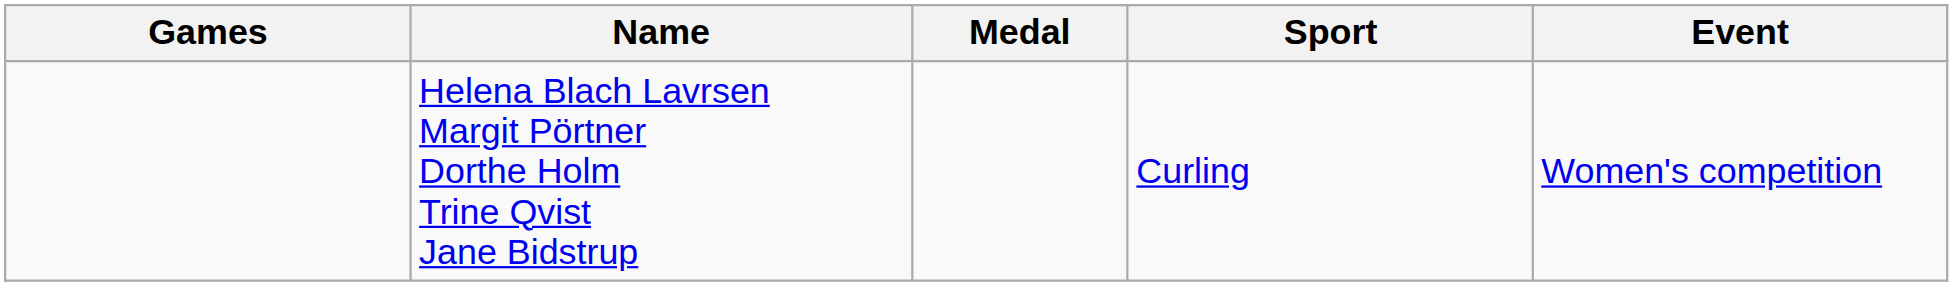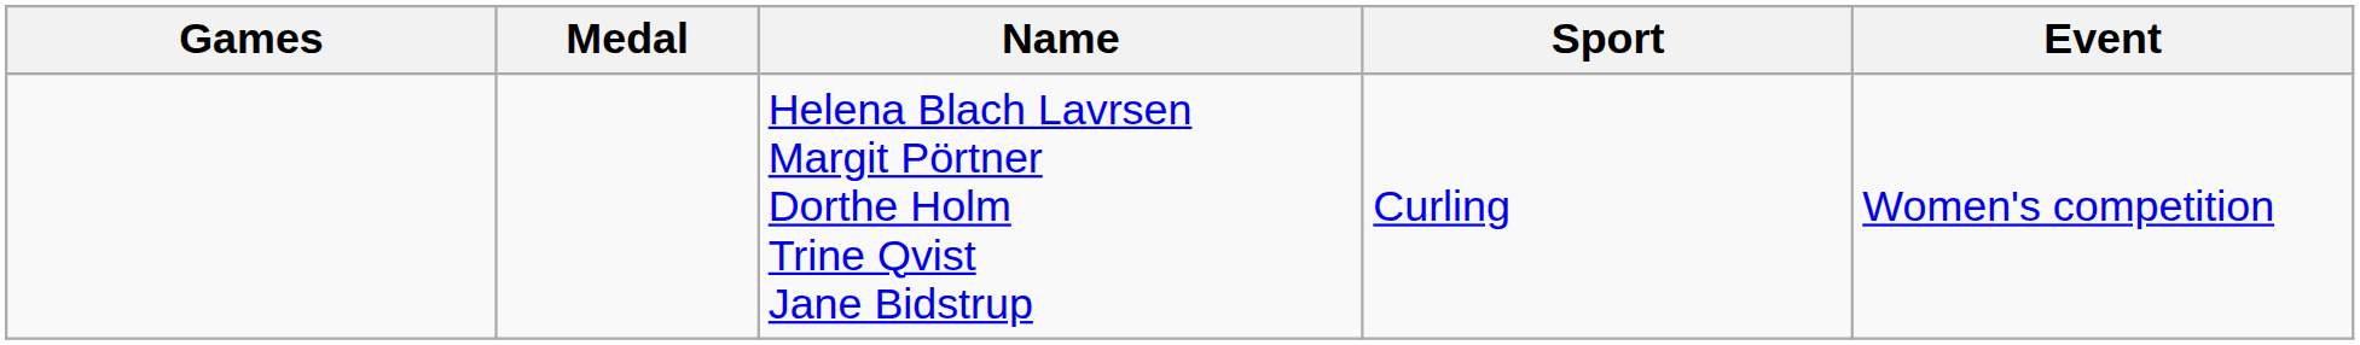 <table class="wikitable">
 <tr>
 <th style="width:12em">Games</th>
+<th style="width:6em">Medal</th>
 <th style="width:15em">Name</th>
-<th style="width:6em">Medal</th>
 <th style="width:12em">Sport</th>
 <th style="width:12em">Event</th>
 </tr>
 <tr>
 <td></td>
+<td></td>
 <td><a href='#'>Helena Blach Lavrsen</a><br><a href='#'>Margit Pörtner</a><br><a href='#'>Dorthe Holm</a><br><a href='#'>Trine Qvist</a><br><a href='#'>Jane Bidstrup</a></td>
-<td></td>
 <td> <a href='#'>Curling</a></td>
 <td><a href='#'>Women's competition</a></td>
 </tr>
 </table>
